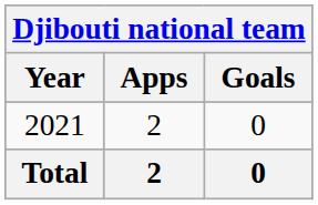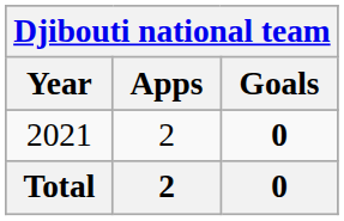 <table class="wikitable" style="text-align:center">
 <tr>
 <th colspan=3><a href='#'>Djibouti national team</a></th>
 </tr>
 <tr>
 <th>Year</th>
 <th>Apps</th>
 <th>Goals</th>
 </tr>
 <tr>
 <td>2021</td>
 <td>2</td>
-<td>0</td>
+<td><strong>0</strong></td>
 </tr>
 <tr>
 <th>Total</th>
 <th>2</th>
 <th>0</th>
 </tr>
 </table>
